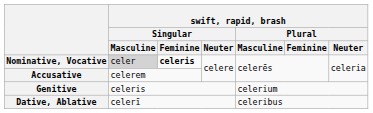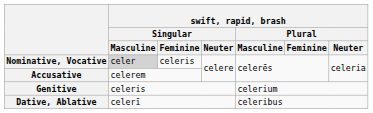 <table class="wikitable">
 <tr>
 <th rowspan="3"></th>
 <th colspan="6"><br>swift, rapid, brash</th>
 </tr>
 <tr>
 <th colspan="3">Singular</th>
 <th colspan="3">Plural</th>
 </tr>
 <tr>
 <th>Masculine</th>
 <th>Feminine</th>
 <th>Neuter</th>
 <th>Masculine</th>
 <th>Feminine</th>
 <th>Neuter</th>
 </tr>
 <tr>
 <th>Nominative, Vocative</th>
 <td style="background: lightgrey;">celer</td>
-<td><strong>celeris</strong></td>
+<td>celeris</td>
 <td rowspan="2">celere</td>
 <td colspan="2" rowspan="2">celerēs</td>
 <td rowspan="2">celeria</td>
 </tr>
 <tr>
 <th>Accusative</th>
 <td colspan="2">celerem</td>
 </tr>
 <tr>
 <th>Genitive</th>
 <td colspan="3">celeris</td>
 <td colspan="3">celerium</td>
 </tr>
 <tr>
 <th>Dative, Ablative</th>
 <td colspan="3">celerī</td>
 <td colspan="3">celeribus</td>
 </tr>
 </table>
